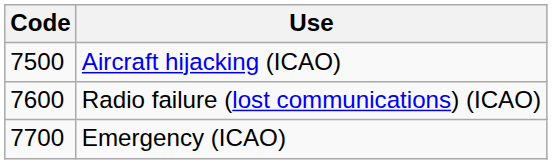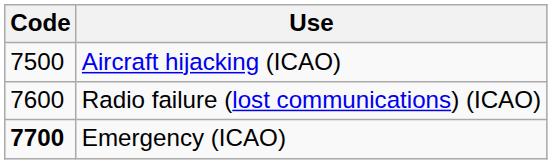 <table class="wikitable sortable">
 <tr>
 <th>Code</th>
 <th>Use</th>
 </tr>
 <tr>
 <td>7500</td>
 <td><a href='#'>Aircraft hijacking</a> (ICAO)</td>
 </tr>
 <tr>
 <td>7600</td>
 <td>Radio failure (<a href='#'>lost communications</a>) (ICAO)</td>
 </tr>
 <tr>
-<td>7700</td>
+<td><strong>7700</strong></td>
 <td>Emergency (ICAO)</td>
 </tr>
 </table>
